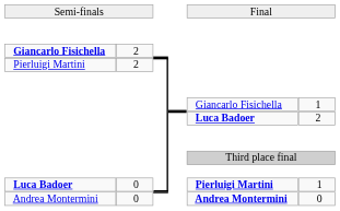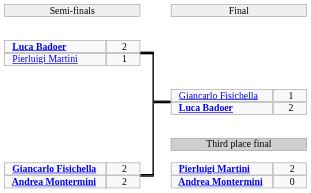 <table border=0 cellpadding=0 cellspacing=0 style="font-size: 90%; margin:1em 2em 1em 1em;">
 <tr>
 <td> </td>
 <td align="center" colspan="2" style="border:1px solid #aaa;" bgcolor=#EFEFEF>Semi-finals</td>
 <td colspan="2"></td>
 <td align="center" colspan="2" style="border:1px solid #aaa;" bgcolor=#EFEFEF>Final</td>
 </tr>
 <tr>
 <td> </td>
 <td width=150> </td>
 <td width=50> </td>
 <td width=20> </td>
 <td width=25> </td>
 <td width=150> </td>
 <td width=50> </td>
 </tr>
 <tr>
 <td height=6></td>
 <td colspan="6" rowspan="1"> </td>
 </tr>
 <tr>
 <td height=6></td>
-<td style="border:1px solid #aaa;" bgcolor="#f9f9f9">   <strong><a href='#'>Giancarlo Fisichella</a></strong></td>
+<td style="border:1px solid #aaa;" bgcolor="#f9f9f9">   <strong><a href='#'>Luca Badoer</a></strong></td>
 <td align=center style="border:1px solid #aaa;" bgcolor=#f9f9f9> 2</td>
 <td align=center style="border-width:0 0 2px 0; border-style:solid;border-color:black;"> </td>
 </tr>
 <tr>
 <td height=6></td>
 <td style="border:1px solid #aaa;" bgcolor="#f9f9f9">    <a href='#'>Pierluigi Martini</a></td>
-<td align=center style="border:1px solid #aaa;" bgcolor=#f9f9f9> 2</td>
+<td align=center style="border:1px solid #aaa;" bgcolor=#f9f9f9> 1</td>
 <td rowspan="10" align=center style="border-width:2px 2px 2px 0; border-style:solid;border-color:black;"> </td>
 </tr>
 <tr>
 <td height=6></td>
 <td> </td>
 </tr>
 <tr>
 <td height=6></td>
 <td colspan="4" rowspan="1"></td>
 <td colspan="2" rowspan="1"> </td>
 </tr>
 <tr>
 <td height=6></td>
 <td rowspan="2" colspan="3"> </td>
 <td align=center style="border-width:0 0 2px 0; border-style:solid;border-color:black;"> </td>
 <td style="border:1px solid #aaa;" bgcolor="#f9f9f9">   <a href='#'>Giancarlo Fisichella</a></td>
 <td align=center style="border:1px solid #aaa;" bgcolor=#f9f9f9> 1</td>
 </tr>
 <tr>
 <td height=6></td>
 <td align=center style="border-width:2px 0 0 0; border-style:solid;border-color:black;"></td>
 <td style="border:1px solid #aaa;" bgcolor="#f9f9f9">   <strong><a href='#'>Luca Badoer</a></strong></td>
 <td align=center style="border:1px solid #aaa;" bgcolor=#f9f9f9> 2</td>
 </tr>
 <tr>
 <td height=6></td>
 <td> </td>
 </tr>
 <tr>
 <td height="6"></td>
 <td> </td>
 </tr>
 <tr>
 <td height=6></td>
 <td colspan="4" rowspan="1"></td>
 <td colspan="2" rowspan="1" align="center" style="border:1px solid #aaa;" bgcolor="#CFCFCF">Third place final</td>
 </tr>
 <tr>
 <td height=6></td>
 <td colspan="2" rowspan="1"> </td>
 <td colspan="1" rowspan="1"></td>
 <td colspan="2" rowspan="1"> </td>
 </tr>
 <tr>
 <td height=6></td>
-<td style="border:1px solid #aaa;" bgcolor="#f9f9f9">   <strong><a href='#'>Luca Badoer</a></strong></td>
-<td align=center style="border:1px solid #aaa;" bgcolor=#f9f9f9> 0</td>
+<td style="border:1px solid #aaa;" bgcolor="#f9f9f9">   <strong><a href='#'>Giancarlo Fisichella</a></strong></td>
+<td align=center style="border:1px solid #aaa;" bgcolor=#f9f9f9> 2</td>
 <td colspan="1" rowspan="1"></td>
 <td style="border:1px solid #aaa;" bgcolor="#f9f9f9">   <strong><a href='#'>Pierluigi Martini</a></strong></td>
-<td style="border:1px solid #aaa;" bgcolor="#f9f9f9" align="center">  1</td>
+<td style="border:1px solid #aaa;" bgcolor="#f9f9f9" align="center">  2</td>
 </tr>
 <tr>
 <td height=6></td>
-<td style="border:1px solid #aaa;" bgcolor="#f9f9f9">   <a href='#'>Andrea Montermini</a></td>
-<td align=center style="border:1px solid #aaa;" bgcolor=#f9f9f9> 0</td>
+<td style="border:1px solid #aaa;" bgcolor="#f9f9f9"><strong>   <a href='#'>Andrea Montermini</a></strong></td>
+<td align=center style="border:1px solid #aaa;" bgcolor=#f9f9f9> 2</td>
 <td align=center style="border-width:2px 0 0 0; border-style:solid;border-color:black;"> </td>
 <td colspan="1" rowspan="1"></td>
 <td style="border:1px solid #aaa;" bgcolor="#f9f9f9"><strong>   <a href='#'>Andrea Montermini</a></strong></td>
 <td style="border:1px solid #aaa;" bgcolor="#f9f9f9" align="center">  0</td>
 </tr>
 </table>
